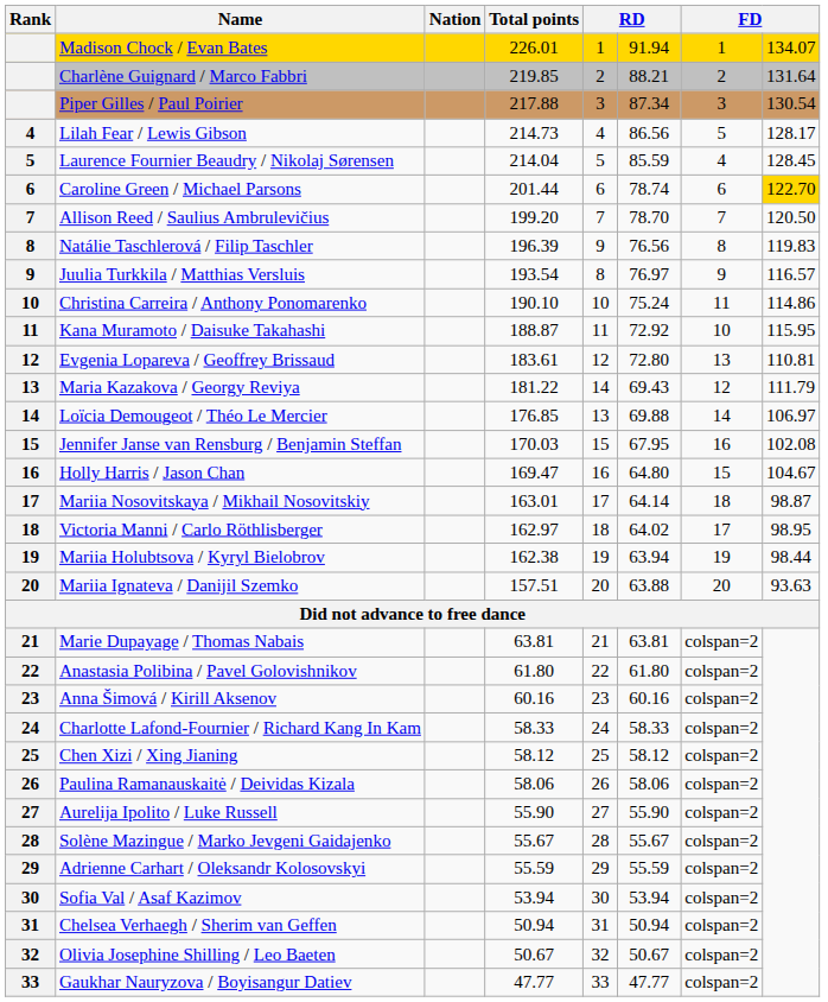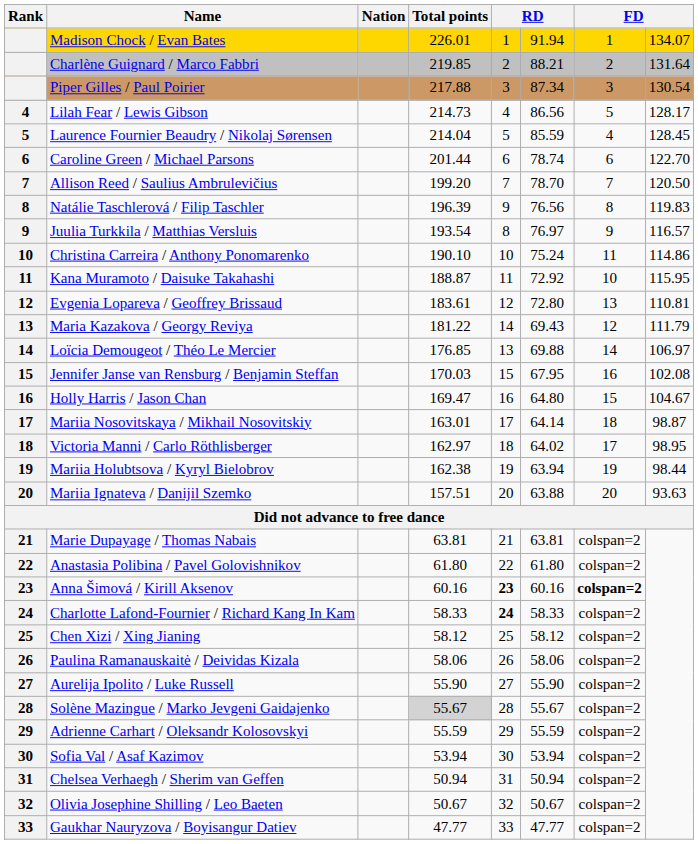 <table class="wikitable sortable" style="text-align:center">
 <tr>
 <th scope="col">Rank</th>
 <th scope="col">Name</th>
 <th scope="col">Nation</th>
 <th scope="col">Total points</th>
 <th colspan="2" width="80px"><a href='#'>RD</a></th>
 <th colspan="2" width="80px"><a href='#'>FD</a></th>
 </tr>
 <tr bgcolor="gold">
 <th scope="row"></th>
 <td style="text-align:left"><a href='#'>Madison Chock</a> / <a href='#'>Evan Bates</a></td>
 <td style="text-align:left"></td>
 <td align="center">226.01</td>
 <td align="center">1</td>
 <td align="center">91.94</td>
 <td align="center">1</td>
 <td align="center">134.07</td>
 </tr>
 <tr bgcolor="silver">
 <th scope="row"></th>
 <td style="text-align:left"><a href='#'>Charlène Guignard</a> / <a href='#'>Marco Fabbri</a></td>
 <td style="text-align:left"></td>
 <td align="center">219.85</td>
 <td align="center">2</td>
 <td align="center">88.21</td>
 <td align="center">2</td>
 <td align="center">131.64</td>
 </tr>
 <tr bgcolor="#cc9966">
 <th scope="row"></th>
 <td style="text-align:left"><a href='#'>Piper Gilles</a> / <a href='#'>Paul Poirier</a></td>
 <td style="text-align:left"></td>
 <td align="center">217.88</td>
 <td align="center">3</td>
 <td align="center">87.34</td>
 <td align="center">3</td>
 <td align="center">130.54</td>
 </tr>
 <tr>
 <th scope="row">4</th>
 <td style="text-align:left"><a href='#'>Lilah Fear</a> / <a href='#'>Lewis Gibson</a></td>
 <td style="text-align:left"></td>
 <td align="center">214.73</td>
 <td align="center">4</td>
 <td align="center">86.56</td>
 <td align="center">5</td>
 <td align="center">128.17</td>
 </tr>
 <tr>
 <th scope="row">5</th>
 <td style="text-align:left"><a href='#'>Laurence Fournier Beaudry</a> / <a href='#'>Nikolaj Sørensen</a></td>
 <td style="text-align:left"></td>
 <td align="center">214.04</td>
 <td align="center">5</td>
 <td align="center">85.59</td>
 <td align="center">4</td>
 <td align="center">128.45</td>
 </tr>
 <tr>
 <th scope="row">6</th>
 <td style="text-align:left"><a href='#'>Caroline Green</a> / <a href='#'>Michael Parsons</a></td>
 <td style="text-align:left"></td>
 <td align="center">201.44</td>
 <td align="center">6</td>
 <td align="center">78.74</td>
 <td align="center">6</td>
-<td align="center" style="background: gold;">122.70</td>
+<td align="center">122.70</td>
 </tr>
 <tr>
 <th scope="row">7</th>
 <td style="text-align:left"><a href='#'>Allison Reed</a> / <a href='#'>Saulius Ambrulevičius</a></td>
 <td style="text-align:left"></td>
 <td align="center">199.20</td>
 <td align="center">7</td>
 <td align="center">78.70</td>
 <td align="center">7</td>
 <td align="center">120.50</td>
 </tr>
 <tr>
 <th scope="row">8</th>
 <td style="text-align:left"><a href='#'>Natálie Taschlerová</a> / <a href='#'>Filip Taschler</a></td>
 <td style="text-align:left"></td>
 <td align="center">196.39</td>
 <td align="center">9</td>
 <td align="center">76.56</td>
 <td align="center">8</td>
 <td align="center">119.83</td>
 </tr>
 <tr>
 <th scope="row">9</th>
 <td style="text-align:left"><a href='#'>Juulia Turkkila</a> / <a href='#'>Matthias Versluis</a></td>
 <td style="text-align:left"></td>
 <td align="center">193.54</td>
 <td align="center">8</td>
 <td align="center">76.97</td>
 <td align="center">9</td>
 <td align="center">116.57</td>
 </tr>
 <tr>
 <th scope="row">10</th>
 <td style="text-align:left"><a href='#'>Christina Carreira</a> / <a href='#'>Anthony Ponomarenko</a></td>
 <td style="text-align:left"></td>
 <td align="center">190.10</td>
 <td align="center">10</td>
 <td align="center">75.24</td>
 <td align="center">11</td>
 <td align="center">114.86</td>
 </tr>
 <tr>
 <th scope="row">11</th>
 <td style="text-align:left"><a href='#'>Kana Muramoto</a> / <a href='#'>Daisuke Takahashi</a></td>
 <td style="text-align:left"></td>
 <td align="center">188.87</td>
 <td align="center">11</td>
 <td align="center">72.92</td>
 <td align="center">10</td>
 <td align="center">115.95</td>
 </tr>
 <tr>
 <th scope="row">12</th>
 <td style="text-align:left"><a href='#'>Evgenia Lopareva</a> / <a href='#'>Geoffrey Brissaud</a></td>
 <td style="text-align:left"></td>
 <td align="center">183.61</td>
 <td align="center">12</td>
 <td align="center">72.80</td>
 <td align="center">13</td>
 <td align="center">110.81</td>
 </tr>
 <tr>
 <th scope="row">13</th>
 <td style="text-align:left"><a href='#'>Maria Kazakova</a> / <a href='#'>Georgy Reviya</a></td>
 <td style="text-align:left"></td>
 <td align="center">181.22</td>
 <td align="center">14</td>
 <td align="center">69.43</td>
 <td align="center">12</td>
 <td align="center">111.79</td>
 </tr>
 <tr>
 <th scope="row">14</th>
 <td style="text-align:left"><a href='#'>Loïcia Demougeot</a> / <a href='#'>Théo Le Mercier</a></td>
 <td style="text-align:left"></td>
 <td align="center">176.85</td>
 <td align="center">13</td>
 <td align="center">69.88</td>
 <td align="center">14</td>
 <td align="center">106.97</td>
 </tr>
 <tr>
 <th scope="row">15</th>
 <td style="text-align:left"><a href='#'>Jennifer Janse van Rensburg</a> / <a href='#'>Benjamin Steffan</a></td>
 <td style="text-align:left"></td>
 <td align="center">170.03</td>
 <td align="center">15</td>
 <td align="center">67.95</td>
 <td align="center">16</td>
 <td align="center">102.08</td>
 </tr>
 <tr>
 <th scope="row">16</th>
 <td style="text-align:left"><a href='#'>Holly Harris</a> / <a href='#'>Jason Chan</a></td>
 <td style="text-align:left"></td>
 <td align="center">169.47</td>
 <td align="center">16</td>
 <td align="center">64.80</td>
 <td align="center">15</td>
 <td align="center">104.67</td>
 </tr>
 <tr>
 <th scope="row">17</th>
 <td style="text-align:left"><a href='#'>Mariia Nosovitskaya</a> / <a href='#'>Mikhail Nosovitskiy</a></td>
 <td style="text-align:left"></td>
 <td align="center">163.01</td>
 <td align="center">17</td>
 <td align="center">64.14</td>
 <td align="center">18</td>
 <td align="center">98.87</td>
 </tr>
 <tr>
 <th scope="row">18</th>
 <td style="text-align:left"><a href='#'>Victoria Manni</a> / <a href='#'>Carlo Röthlisberger</a></td>
 <td style="text-align:left"></td>
 <td align="center">162.97</td>
 <td align="center">18</td>
 <td align="center">64.02</td>
 <td align="center">17</td>
 <td align="center">98.95</td>
 </tr>
 <tr>
 <th scope="row">19</th>
 <td style="text-align:left"><a href='#'>Mariia Holubtsova</a> / <a href='#'>Kyryl Bielobrov</a></td>
 <td style="text-align:left"></td>
 <td align="center">162.38</td>
 <td align="center">19</td>
 <td align="center">63.94</td>
 <td align="center">19</td>
 <td align="center">98.44</td>
 </tr>
 <tr>
 <th scope="row">20</th>
 <td style="text-align:left"><a href='#'>Mariia Ignateva</a> / <a href='#'>Danijil Szemko</a></td>
 <td style="text-align:left"></td>
 <td align="center">157.51</td>
 <td align="center">20</td>
 <td align="center">63.88</td>
 <td align="center">20</td>
 <td align="center">93.63</td>
 </tr>
 <tr>
 <th colspan=8>Did not advance to free dance</th>
 </tr>
 <tr>
 <th scope="row">21</th>
 <td style="text-align:left"><a href='#'>Marie Dupayage</a> / <a href='#'>Thomas Nabais</a></td>
 <td style="text-align:left"></td>
 <td align="center">63.81</td>
 <td align="center">21</td>
 <td align="center">63.81</td>
 <td>colspan=2 </td>
 </tr>
 <tr>
 <th scope="row">22</th>
 <td style="text-align:left"><a href='#'>Anastasia Polibina</a> / <a href='#'>Pavel Golovishnikov</a></td>
 <td style="text-align:left"></td>
 <td align="center">61.80</td>
 <td align="center">22</td>
 <td align="center">61.80</td>
 <td>colspan=2 </td>
 </tr>
 <tr>
 <th scope="row">23</th>
 <td style="text-align:left"><a href='#'>Anna Šimová</a> / <a href='#'>Kirill Aksenov</a></td>
 <td style="text-align:left"></td>
 <td align="center">60.16</td>
-<td align="center">23</td>
+<td align="center"><strong>23</strong></td>
 <td align="center">60.16</td>
-<td>colspan=2 </td>
+<td><strong>colspan=2 </strong></td>
 </tr>
 <tr>
 <th scope="row">24</th>
 <td style="text-align:left"><a href='#'>Charlotte Lafond-Fournier</a> / <a href='#'>Richard Kang In Kam</a></td>
 <td style="text-align:left"></td>
 <td align="center">58.33</td>
-<td align="center">24</td>
+<td align="center"><strong>24</strong></td>
 <td align="center">58.33</td>
 <td>colspan=2 </td>
 </tr>
 <tr>
 <th scope="row">25</th>
 <td style="text-align:left"><a href='#'>Chen Xizi</a> / <a href='#'>Xing Jianing</a></td>
 <td style="text-align:left"></td>
 <td align="center">58.12</td>
 <td align="center">25</td>
 <td align="center">58.12</td>
 <td>colspan=2 </td>
 </tr>
 <tr>
 <th scope="row">26</th>
 <td style="text-align:left"><a href='#'>Paulina Ramanauskaitė</a> / <a href='#'>Deividas Kizala</a></td>
 <td style="text-align:left"></td>
 <td align="center">58.06</td>
 <td align="center">26</td>
 <td align="center">58.06</td>
 <td>colspan=2 </td>
 </tr>
 <tr>
 <th scope="row">27</th>
 <td style="text-align:left"><a href='#'>Aurelija Ipolito</a> / <a href='#'>Luke Russell</a></td>
 <td style="text-align:left"></td>
 <td align="center">55.90</td>
 <td align="center">27</td>
 <td align="center">55.90</td>
 <td>colspan=2 </td>
 </tr>
 <tr>
 <th scope="row">28</th>
 <td style="text-align:left"><a href='#'>Solène Mazingue</a> / <a href='#'>Marko Jevgeni Gaidajenko</a></td>
 <td style="text-align:left"></td>
-<td align="center">55.67</td>
+<td align="center" style="background: lightgrey;">55.67</td>
 <td align="center">28</td>
 <td align="center">55.67</td>
 <td>colspan=2 </td>
 </tr>
 <tr>
 <th scope="row">29</th>
 <td style="text-align:left"><a href='#'>Adrienne Carhart</a> / <a href='#'>Oleksandr Kolosovskyi</a></td>
 <td style="text-align:left"></td>
 <td align="center">55.59</td>
 <td align="center">29</td>
 <td align="center">55.59</td>
 <td>colspan=2 </td>
 </tr>
 <tr>
 <th scope="row">30</th>
 <td style="text-align:left"><a href='#'>Sofia Val</a> / <a href='#'>Asaf Kazimov</a></td>
 <td style="text-align:left"></td>
 <td align="center">53.94</td>
 <td align="center">30</td>
 <td align="center">53.94</td>
 <td>colspan=2 </td>
 </tr>
 <tr>
 <th scope="row">31</th>
 <td style="text-align:left"><a href='#'>Chelsea Verhaegh</a> / <a href='#'>Sherim van Geffen</a></td>
 <td style="text-align:left"></td>
 <td align="center">50.94</td>
 <td align="center">31</td>
 <td align="center">50.94</td>
 <td>colspan=2 </td>
 </tr>
 <tr>
 <th scope="row">32</th>
 <td style="text-align:left"><a href='#'>Olivia Josephine Shilling</a> / <a href='#'>Leo Baeten</a></td>
 <td style="text-align:left"></td>
 <td align="center">50.67</td>
 <td align="center">32</td>
 <td align="center">50.67</td>
 <td>colspan=2 </td>
 </tr>
 <tr>
 <th scope="row">33</th>
 <td style="text-align:left"><a href='#'>Gaukhar Nauryzova</a> / <a href='#'>Boyisangur Datiev</a></td>
 <td style="text-align:left"></td>
 <td align="center">47.77</td>
 <td align="center">33</td>
 <td align="center">47.77</td>
 <td>colspan=2 </td>
 </tr>
 </table>
